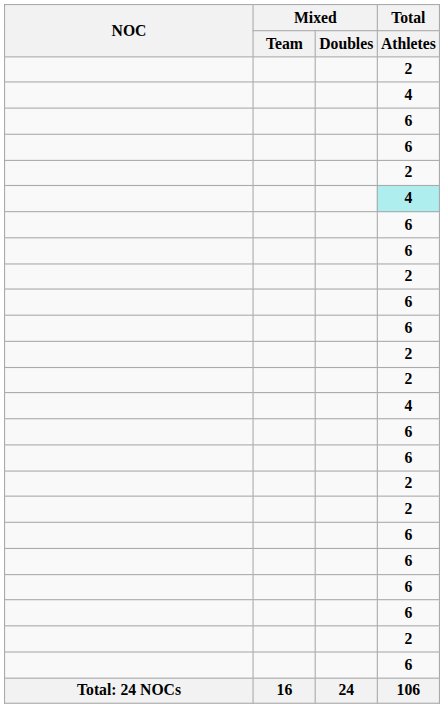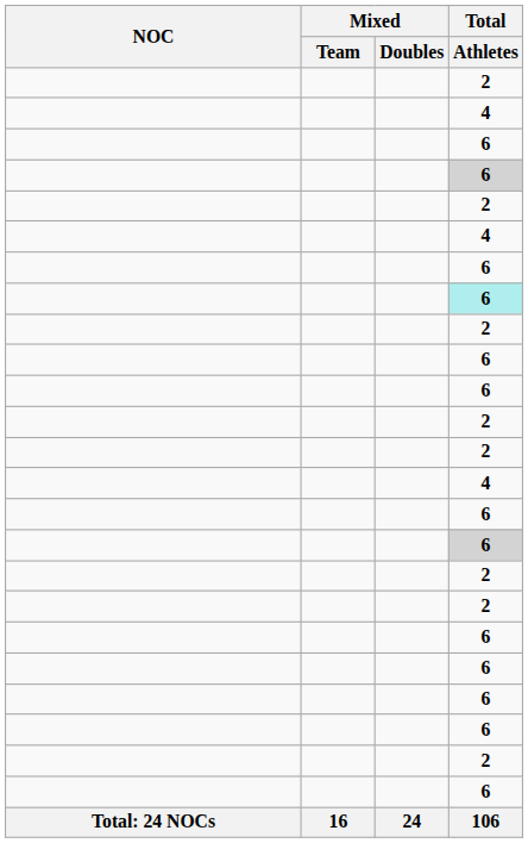 <table class="wikitable sortable" width=400 style="text-align:center; font-size:90%">
 <tr>
 <th rowspan="2" style="text-align:center;">NOC</th>
 <th colspan="2">Mixed</th>
 <th colspan="1">Total</th>
 </tr>
 <tr>
 <th width=50>Team</th>
 <th width=50>Doubles</th>
 <th width=50>Athletes</th>
 </tr>
 <tr>
 <td style="text-align:left;"></td>
 <td></td>
 <td></td>
 <td><strong>2</strong></td>
 </tr>
 <tr>
 <td style="text-align:left;"></td>
 <td></td>
 <td></td>
 <td><strong>4</strong></td>
 </tr>
 <tr>
 <td style="text-align:left;"></td>
 <td></td>
 <td></td>
 <td><strong>6</strong></td>
 </tr>
 <tr>
 <td style="text-align:left;"></td>
 <td></td>
 <td></td>
-<td><strong>6</strong></td>
+<td style="background: lightgrey;"><strong>6</strong></td>
 </tr>
 <tr>
 <td style="text-align:left;"></td>
 <td></td>
 <td></td>
 <td><strong>2</strong></td>
 </tr>
 <tr>
 <td style="text-align:left;"></td>
 <td></td>
 <td></td>
-<td style="background: paleturquoise;"><strong>4</strong></td>
+<td><strong>4</strong></td>
 </tr>
 <tr>
 <td style="text-align:left;"></td>
 <td></td>
 <td></td>
 <td><strong>6</strong></td>
 </tr>
 <tr>
 <td style="text-align:left;"></td>
 <td></td>
 <td></td>
-<td><strong>6</strong></td>
+<td style="background: paleturquoise;"><strong>6</strong></td>
 </tr>
 <tr>
 <td style="text-align:left;"></td>
 <td></td>
 <td></td>
 <td><strong>2</strong></td>
 </tr>
 <tr>
 <td style="text-align:left;"></td>
 <td></td>
 <td></td>
 <td><strong>6</strong></td>
 </tr>
 <tr>
 <td style="text-align:left;"></td>
 <td></td>
 <td></td>
 <td><strong>6</strong></td>
 </tr>
 <tr>
 <td style="text-align:left;"></td>
 <td></td>
 <td></td>
 <td><strong>2</strong></td>
 </tr>
 <tr>
 <td style="text-align:left;"></td>
 <td></td>
 <td></td>
 <td><strong>2</strong></td>
 </tr>
 <tr>
 <td style="text-align:left;"></td>
 <td></td>
 <td></td>
 <td><strong>4</strong></td>
 </tr>
 <tr>
 <td style="text-align:left;"></td>
 <td></td>
 <td></td>
 <td><strong>6</strong></td>
 </tr>
 <tr>
 <td style="text-align:left;"></td>
 <td></td>
 <td></td>
-<td><strong>6</strong></td>
+<td style="background: lightgrey;"><strong>6</strong></td>
 </tr>
 <tr>
 <td style="text-align:left;"></td>
 <td></td>
 <td></td>
 <td><strong>2</strong></td>
 </tr>
 <tr>
 <td style="text-align:left;"></td>
 <td></td>
 <td></td>
 <td><strong>2</strong></td>
 </tr>
 <tr>
 <td style="text-align:left;"></td>
 <td></td>
 <td></td>
 <td><strong>6</strong></td>
 </tr>
 <tr>
 <td style="text-align:left;"></td>
 <td></td>
 <td></td>
 <td><strong>6</strong></td>
 </tr>
 <tr>
 <td style="text-align:left;"></td>
 <td></td>
 <td></td>
 <td><strong>6</strong></td>
 </tr>
 <tr>
 <td style="text-align:left;"></td>
 <td></td>
 <td></td>
 <td><strong>6</strong></td>
 </tr>
 <tr>
 <td style="text-align:left;"></td>
 <td></td>
 <td></td>
 <td><strong>2</strong></td>
 </tr>
 <tr>
 <td style="text-align:left;"></td>
 <td></td>
 <td></td>
 <td><strong>6</strong></td>
 </tr>
 <tr>
 <th>Total: 24 NOCs</th>
 <th>16</th>
 <th>24</th>
 <th>106</th>
 </tr>
 </table>
